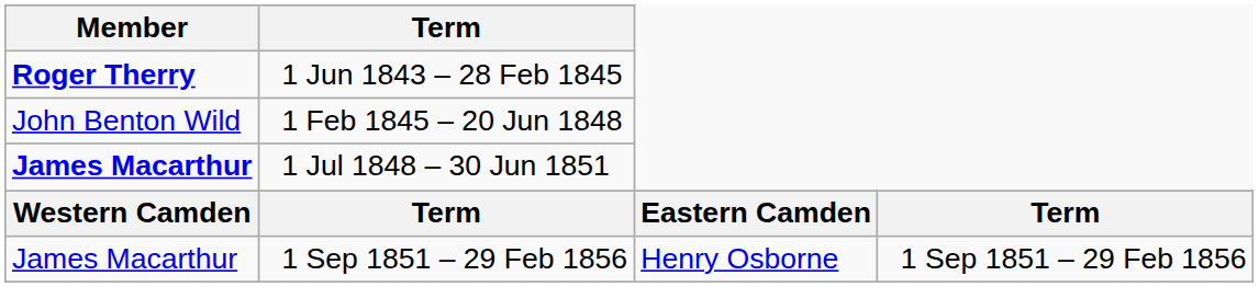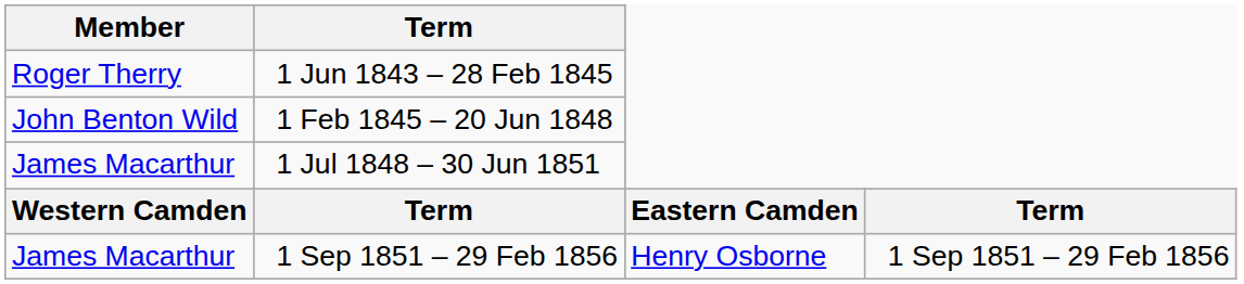 <table class="wikitable" style='border-style: none none none none;'>
 <tr>
 <th>Member</th>
 <th>Term</th>
 </tr>
 <tr style="background: #f9f9f9">
-<td><strong><a href='#'>Roger Therry</a></strong></td>
+<td><a href='#'>Roger Therry</a></td>
 <td>  1 Jun 1843 – 28 Feb 1845</td>
 </tr>
 <tr style="background: #f9f9f9">
 <td><a href='#'>John Benton Wild</a></td>
 <td>  1 Feb 1845 – 20 Jun 1848</td>
 </tr>
 <tr style="background: #f9f9f9">
-<td><strong><a href='#'>James Macarthur</a></strong></td>
+<td><a href='#'>James Macarthur</a></td>
 <td>  1 Jul 1848 – 30 Jun 1851</td>
 </tr>
 <tr>
 <th>Western Camden</th>
 <th>Term</th>
 <th>Eastern Camden</th>
 <th>Term</th>
 </tr>
 <tr style="background: #f9f9f9">
 <td><a href='#'>James Macarthur</a></td>
 <td>  1 Sep 1851 – 29 Feb 1856</td>
 <td><a href='#'>Henry Osborne</a></td>
 <td>  1 Sep 1851 – 29 Feb 1856</td>
 </tr>
 </table>
